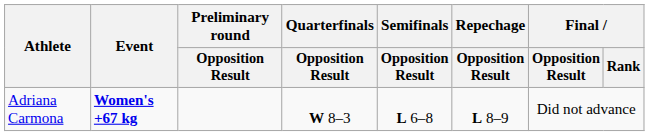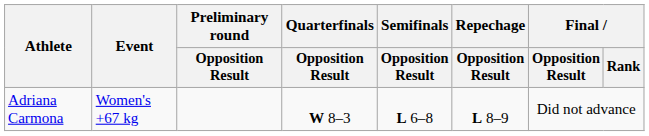 <table class="wikitable" style="font-size:90%">
 <tr>
 <th rowspan="2">Athlete</th>
 <th rowspan="2">Event</th>
 <th>Preliminary round</th>
 <th>Quarterfinals</th>
 <th>Semifinals</th>
 <th>Repechage</th>
 <th colspan=2>Final / </th>
 </tr>
 <tr style="font-size:95%">
 <th>Opposition<br>Result</th>
 <th>Opposition<br>Result</th>
 <th>Opposition<br>Result</th>
 <th>Opposition<br>Result</th>
 <th>Opposition<br>Result</th>
 <th>Rank</th>
 </tr>
 <tr align=center>
 <td align=left><a href='#'>Adriana Carmona</a></td>
-<td align=left><strong><a href='#'>Women's +67 kg</a></strong></td>
+<td align=left><a href='#'>Women's +67 kg</a></td>
 <td></td>
 <td><br><strong>W</strong> 8–3</td>
 <td><br><strong>L</strong> 6–8</td>
 <td><br><strong>L</strong> 8–9</td>
 <td colspan=2>Did not advance</td>
 </tr>
 </table>
